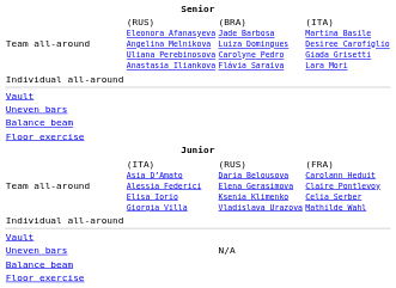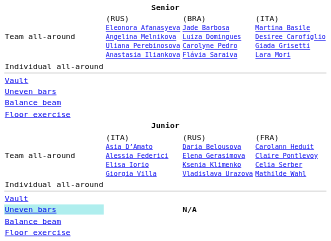 <table>
 <tr>
 <th colspan="4">Senior</th>
 </tr>
 <tr>
 <td>Team all-around</td>
 <td> (RUS) <br><small><a href='#'>Eleonora Afanasyeva</a><br><a href='#'>Angelina Melnikova</a><br><a href='#'>Uliana Perebinosova</a><br><a href='#'>Anastasia Iliankova</a></small></td>
 <td> (BRA) <br><small><a href='#'>Jade Barbosa</a><br><a href='#'>Luiza Domingues</a><br><a href='#'>Carolyne Pedro</a><br><a href='#'>Flávia Saraiva</a></small></td>
 <td> (ITA) <br><small><a href='#'>Martina Basile</a><br><a href='#'>Desiree Carofiglio</a><br><a href='#'>Giada Grisetti</a><br><a href='#'>Lara Mori</a></small></td>
 </tr>
 <tr>
 <td>Individual all-around</td>
 <td></td>
 <td></td>
 <td></td>
 </tr>
 <tr bgcolor=#DDDDDD>
 <td colspan=7></td>
 </tr>
 <tr>
 <td><a href='#'>Vault</a></td>
 <td></td>
 <td></td>
 <td></td>
 </tr>
 <tr>
 <td><a href='#'>Uneven bars</a></td>
 <td></td>
 <td></td>
 <td></td>
 </tr>
 <tr>
 <td><a href='#'>Balance beam</a></td>
 <td></td>
 <td></td>
 <td></td>
 </tr>
 <tr>
 <td><a href='#'>Floor exercise</a></td>
 <td></td>
 <td></td>
 <td><br></td>
 </tr>
 <tr>
 <th colspan="4">Junior</th>
 </tr>
 <tr>
 <td>Team all-around</td>
 <td> (ITA) <br><small><a href='#'>Asia D’Amato</a><br><a href='#'>Alessia Federici</a><br><a href='#'>Elisa Iorio</a><br><a href='#'>Giorgia Villa</a></small></td>
 <td> (RUS) <br><small><a href='#'>Daria Belousova</a><br><a href='#'>Elena Gerasimova</a><br><a href='#'>Ksenia Klimenko</a><br><a href='#'>Vladislava Urazova</a></small></td>
 <td> (FRA) <br><small><a href='#'>Carolann Heduit</a><br><a href='#'>Claire Pontlevoy</a><br><a href='#'>Celia Serber</a><br><a href='#'>Mathilde Wahl</a></small></td>
 </tr>
 <tr>
 <td>Individual all-around</td>
 <td></td>
 <td></td>
 <td></td>
 </tr>
 <tr bgcolor=#DDDDDD>
 <td colspan=7></td>
 </tr>
 <tr>
 <td><a href='#'>Vault</a></td>
 <td></td>
 <td></td>
 <td></td>
 </tr>
 <tr>
-<td><a href='#'>Uneven bars</a></td>
+<td style="background: paleturquoise;"><a href='#'>Uneven bars</a></td>
 <td><br></td>
-<td>N/A</td>
+<td><strong>N/A</strong></td>
 <td></td>
 </tr>
 <tr>
 <td><a href='#'>Balance beam</a></td>
 <td></td>
 <td></td>
 <td></td>
 </tr>
 <tr>
 <td><a href='#'>Floor exercise</a></td>
 <td></td>
 <td></td>
 <td></td>
 </tr>
 </table>
